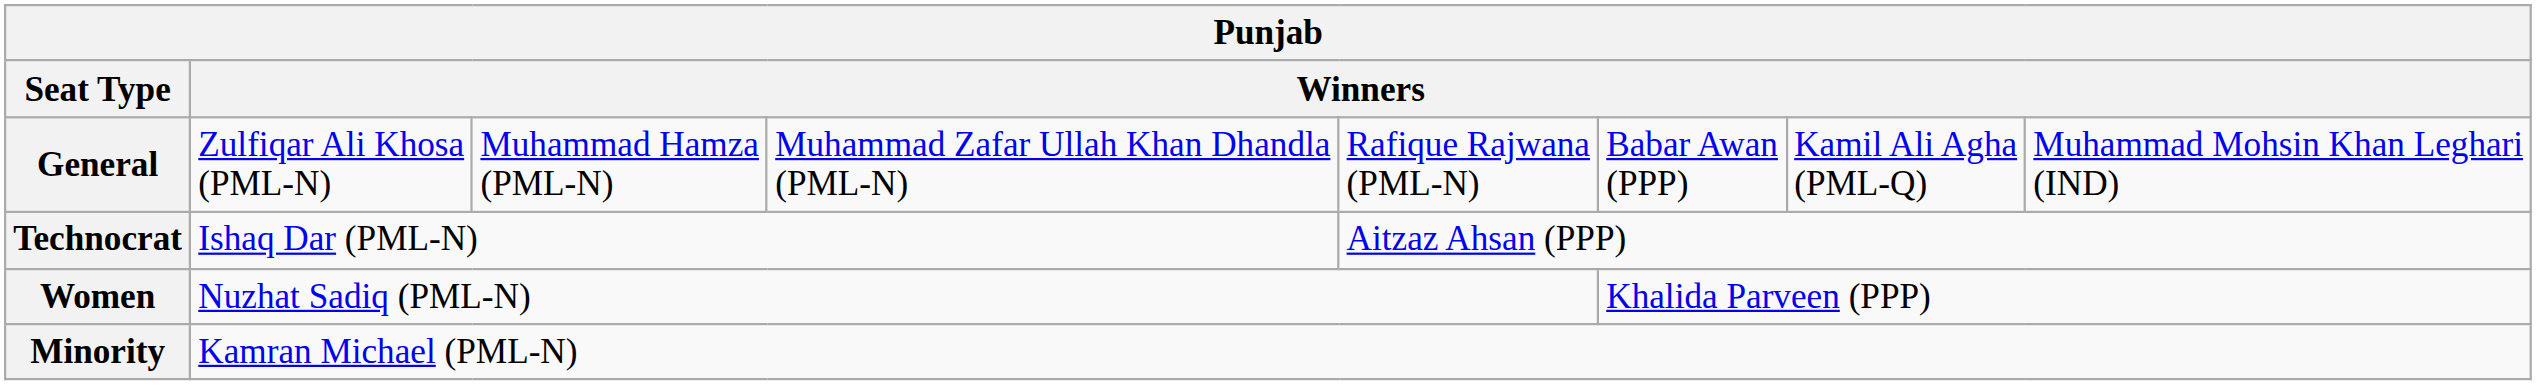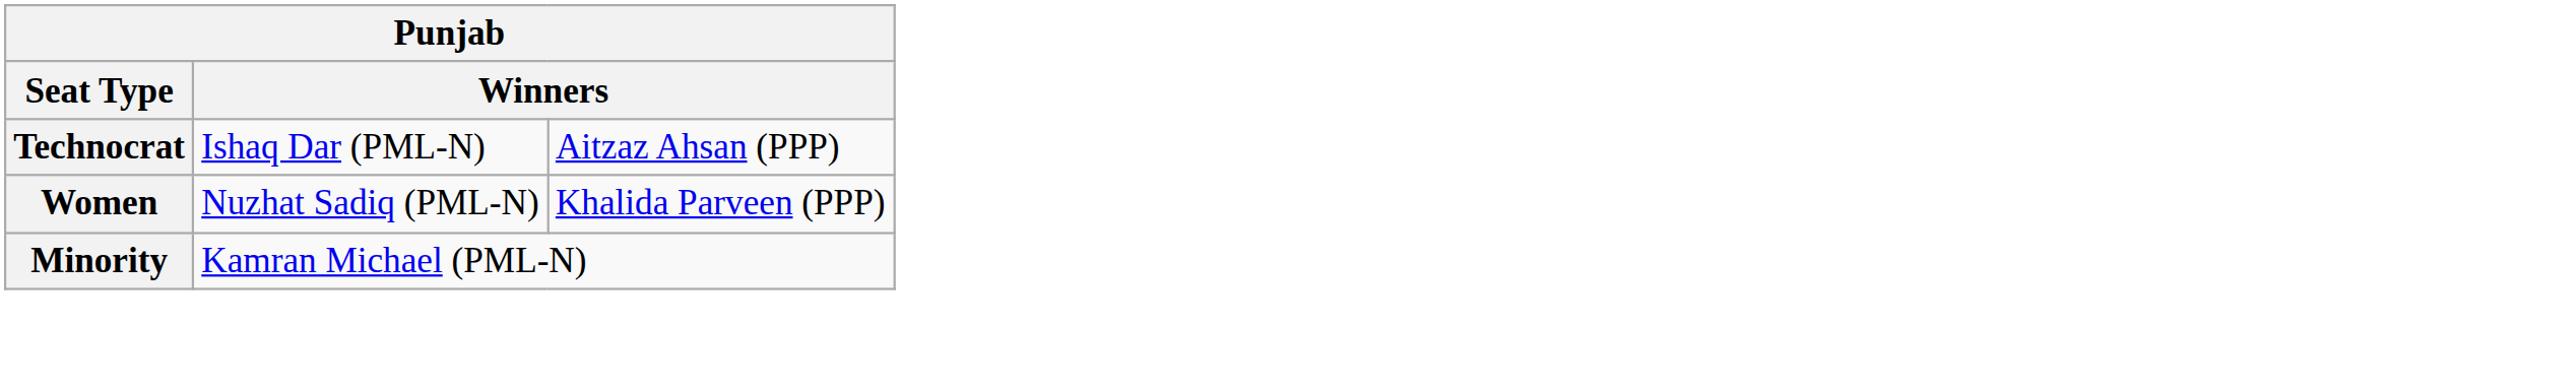 <table class="wikitable">
 <tr>
 <th colspan="8">Punjab</th>
 </tr>
 <tr>
 <th>Seat Type</th>
 <th colspan="7">Winners</th>
-</tr>
-<tr>
-<th>General</th>
-<td style="background:"><a href='#'>Zulfiqar Ali Khosa</a><br>(PML-N)</td>
-<td style="background:"><a href='#'>Muhammad Hamza</a><br>(PML-N)</td>
-<td style="background:"><a href='#'>Muhammad Zafar Ullah Khan Dhandla</a><br>(PML-N)</td>
-<td style="background:"><a href='#'>Rafique Rajwana</a><br>(PML-N)</td>
-<td style="background:"><a href='#'>Babar Awan</a><br>(PPP)</td>
-<td style="background:"><a href='#'>Kamil Ali Agha</a><br>(PML-Q)</td>
-<td style="background:"><a href='#'>Muhammad Mohsin Khan Leghari</a><br>(IND)</td>
 </tr>
 <tr>
 <th>Technocrat</th>
 <td colspan="3" style="background:"><a href='#'>Ishaq Dar</a> (PML-N)</td>
 <td colspan="4" style="background:"><a href='#'>Aitzaz Ahsan</a> (PPP)</td>
 </tr>
 <tr>
 <th>Women</th>
 <td colspan="4" style="background:"><a href='#'>Nuzhat Sadiq</a> (PML-N)</td>
 <td colspan="3" style="background:"><a href='#'>Khalida Parveen</a> (PPP)</td>
 </tr>
 <tr>
 <th>Minority</th>
 <td colspan="7" style="background:"><a href='#'>Kamran Michael</a> (PML-N)</td>
 </tr>
 </table>
